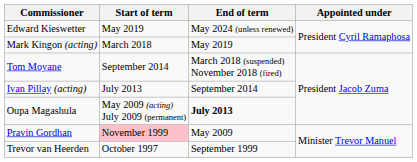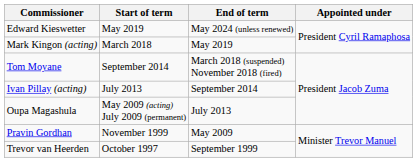 <table class="wikitable">
 <tr>
 <th>Commissioner</th>
 <th>Start of term</th>
 <th>End of term</th>
 <th>Appointed under</th>
 </tr>
 <tr>
 <td>Edward Kieswetter</td>
 <td>May 2019</td>
 <td>May 2024 <small>(unless renewed)</small></td>
 <td rowspan="2">President <a href='#'>Cyril Ramaphosa</a></td>
 </tr>
 <tr>
 <td>Mark Kingon <em>(acting)</em></td>
 <td>March 2018</td>
 <td>May 2019</td>
 </tr>
 <tr>
 <td><a href='#'>Tom Moyane</a></td>
 <td>September 2014</td>
 <td>March 2018 <small>(suspended)</small><br>November 2018 <small>(fired)</small></td>
 <td rowspan="3">President <a href='#'>Jacob Zuma</a></td>
 </tr>
 <tr>
 <td><a href='#'>Ivan Pillay</a> <em>(acting)</em></td>
 <td>July 2013</td>
 <td>September 2014</td>
 </tr>
 <tr>
 <td>Oupa Magashula</td>
 <td>May 2009 <small><em>(acting)</em></small><br>July 2009 <small>(permanent)</small></td>
-<td><strong>July 2013</strong></td>
+<td>July 2013</td>
 </tr>
 <tr>
 <td><a href='#'>Pravin Gordhan</a></td>
-<td style="background: pink;">November 1999</td>
+<td>November 1999</td>
 <td>May 2009</td>
 <td rowspan="2">Minister <a href='#'>Trevor Manuel</a></td>
 </tr>
 <tr>
 <td>Trevor van Heerden</td>
 <td>October 1997</td>
 <td>September 1999</td>
 </tr>
 </table>
